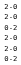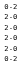 <table style="width:50%;" cellspacing="1">
 <tr>
 <th width=15%></th>
 <th width=10%></th>
 <th width=15%></th>
 </tr>
 <tr>
-</tr>
-<tr style=font-size:90%>
-<td align=right></td>
-<td align=center>2-0</td>
-<td></td>
-</tr>
-<tr style=font-size:90%>
-<td align=right></td>
-<td align=center>2-0</td>
-<td></td>
 </tr>
 <tr style=font-size:90%>
 <td align=right></td>
 <td align=center>0-2</td>
 <td></td>
 </tr>
 <tr style=font-size:90%>
 <td align=right></td>
 <td align=center>2-0</td>
 <td></td>
 </tr>
 <tr style=font-size:90%>
 <td align=right></td>
 <td align=center>2-0</td>
 <td></td>
 </tr>
 <tr style=font-size:90%>
 <td align=right></td>
+<td align=center>2-0</td>
+<td></td>
+</tr>
+<tr style=font-size:90%>
+<td align=right></td>
+<td align=center>2-0</td>
+<td></td>
+</tr>
+<tr style=font-size:90%>
+<td align=right></td>
 <td align=center>0-2</td>
 <td></td>
 </tr>
 </table>
